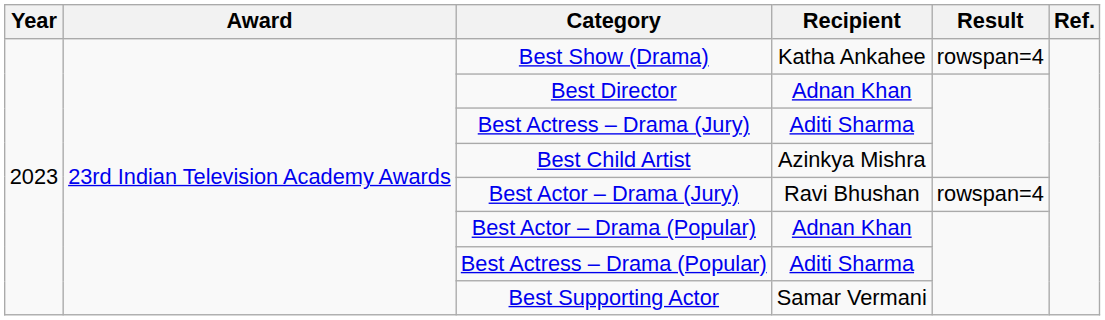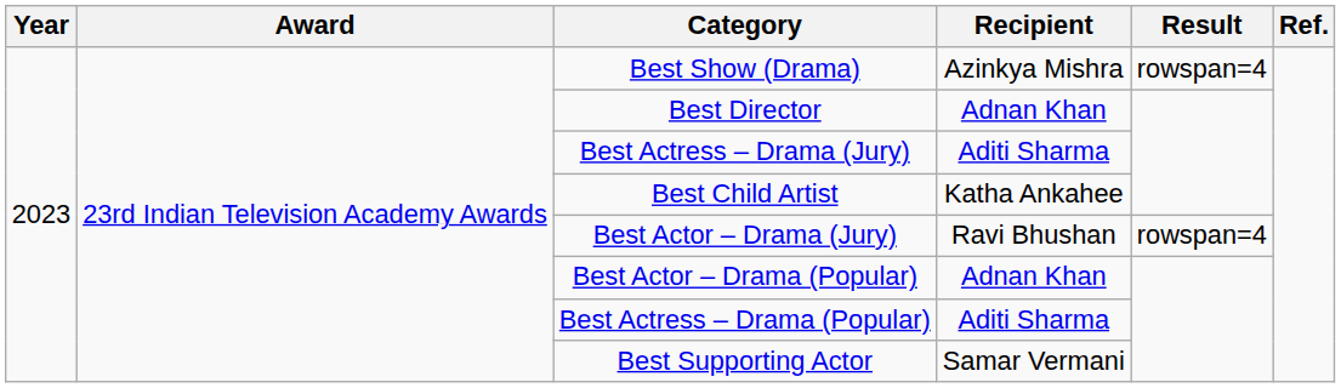 <table class="wikitable" style="text-align:center;">
 <tr>
 <th>Year</th>
 <th>Award</th>
 <th>Category</th>
 <th>Recipient</th>
 <th>Result</th>
 <th>Ref.</th>
 </tr>
 <tr>
 <td rowspan="8">2023</td>
 <td rowspan="8"><a href='#'>23rd Indian Television Academy Awards</a></td>
 <td><a href='#'>Best Show (Drama)</a></td>
-<td>Katha Ankahee</td>
+<td>Azinkya Mishra</td>
 <td>rowspan=4 </td>
 <td rowspan="8"></td>
 </tr>
 <tr>
 <td><a href='#'>Best Director</a></td>
 <td><a href='#'>Adnan Khan</a></td>
 </tr>
 <tr>
 <td><a href='#'>Best Actress  – Drama (Jury)</a></td>
 <td><a href='#'>Aditi Sharma</a></td>
 </tr>
 <tr>
 <td><a href='#'>Best Child Artist</a></td>
-<td>Azinkya Mishra</td>
+<td>Katha Ankahee</td>
 </tr>
 <tr>
 <td><a href='#'>Best Actor – Drama (Jury)</a></td>
 <td>Ravi Bhushan</td>
 <td>rowspan=4 </td>
 </tr>
 <tr>
 <td><a href='#'>Best Actor – Drama (Popular)</a></td>
 <td><a href='#'>Adnan Khan</a></td>
 </tr>
 <tr>
 <td><a href='#'>Best Actress  – Drama (Popular)</a></td>
 <td><a href='#'>Aditi Sharma</a></td>
 </tr>
 <tr>
 <td><a href='#'>Best Supporting Actor</a></td>
 <td>Samar Vermani</td>
 </tr>
 </table>
